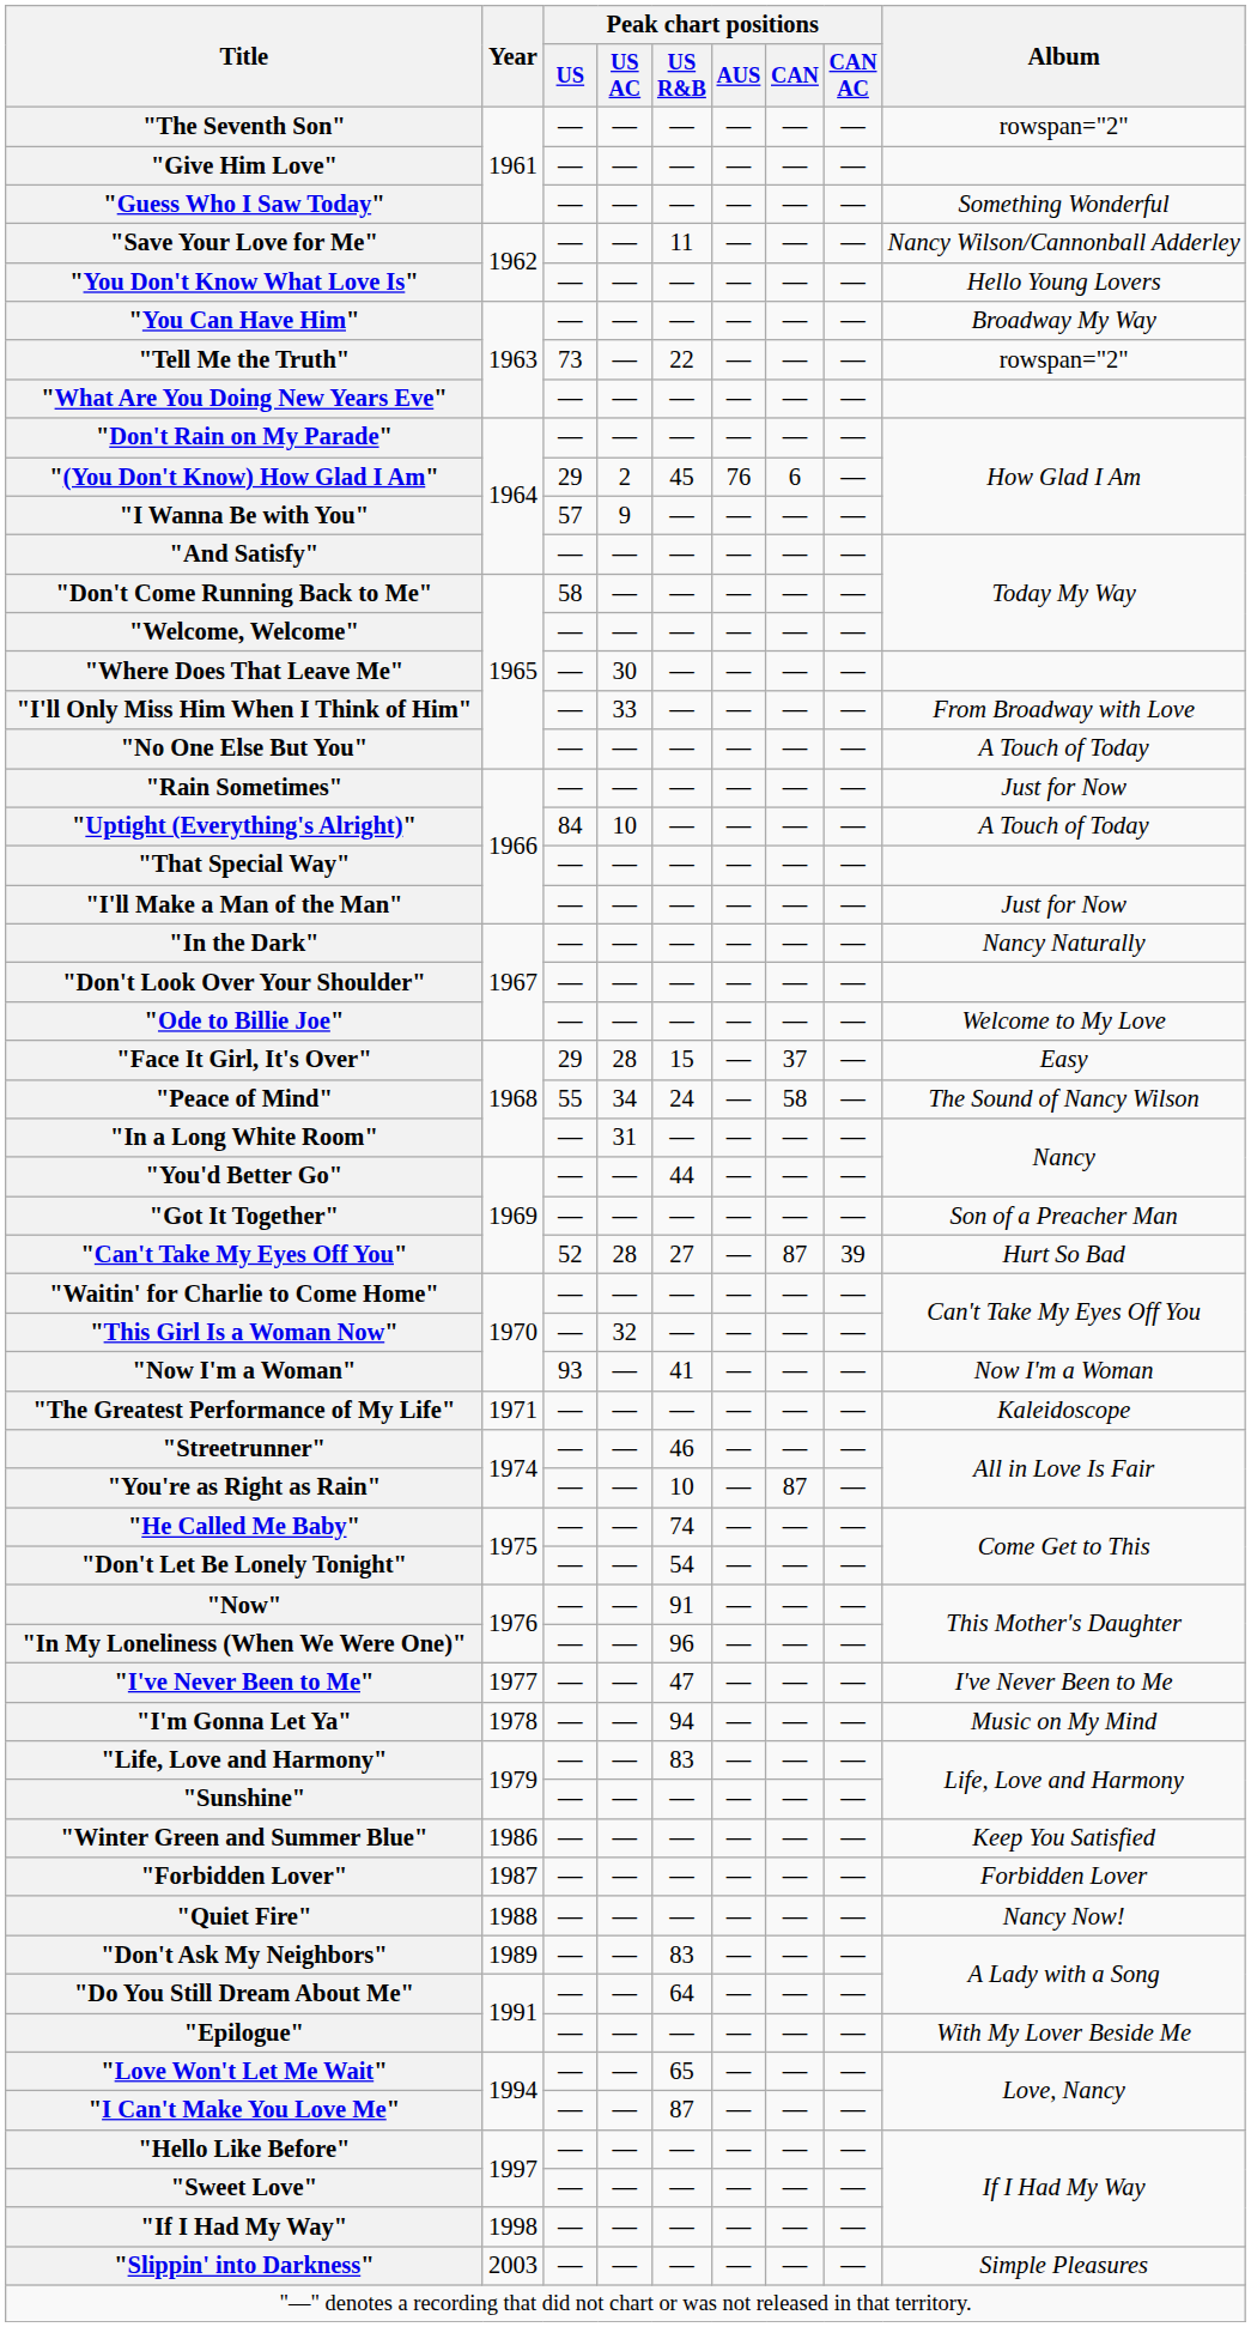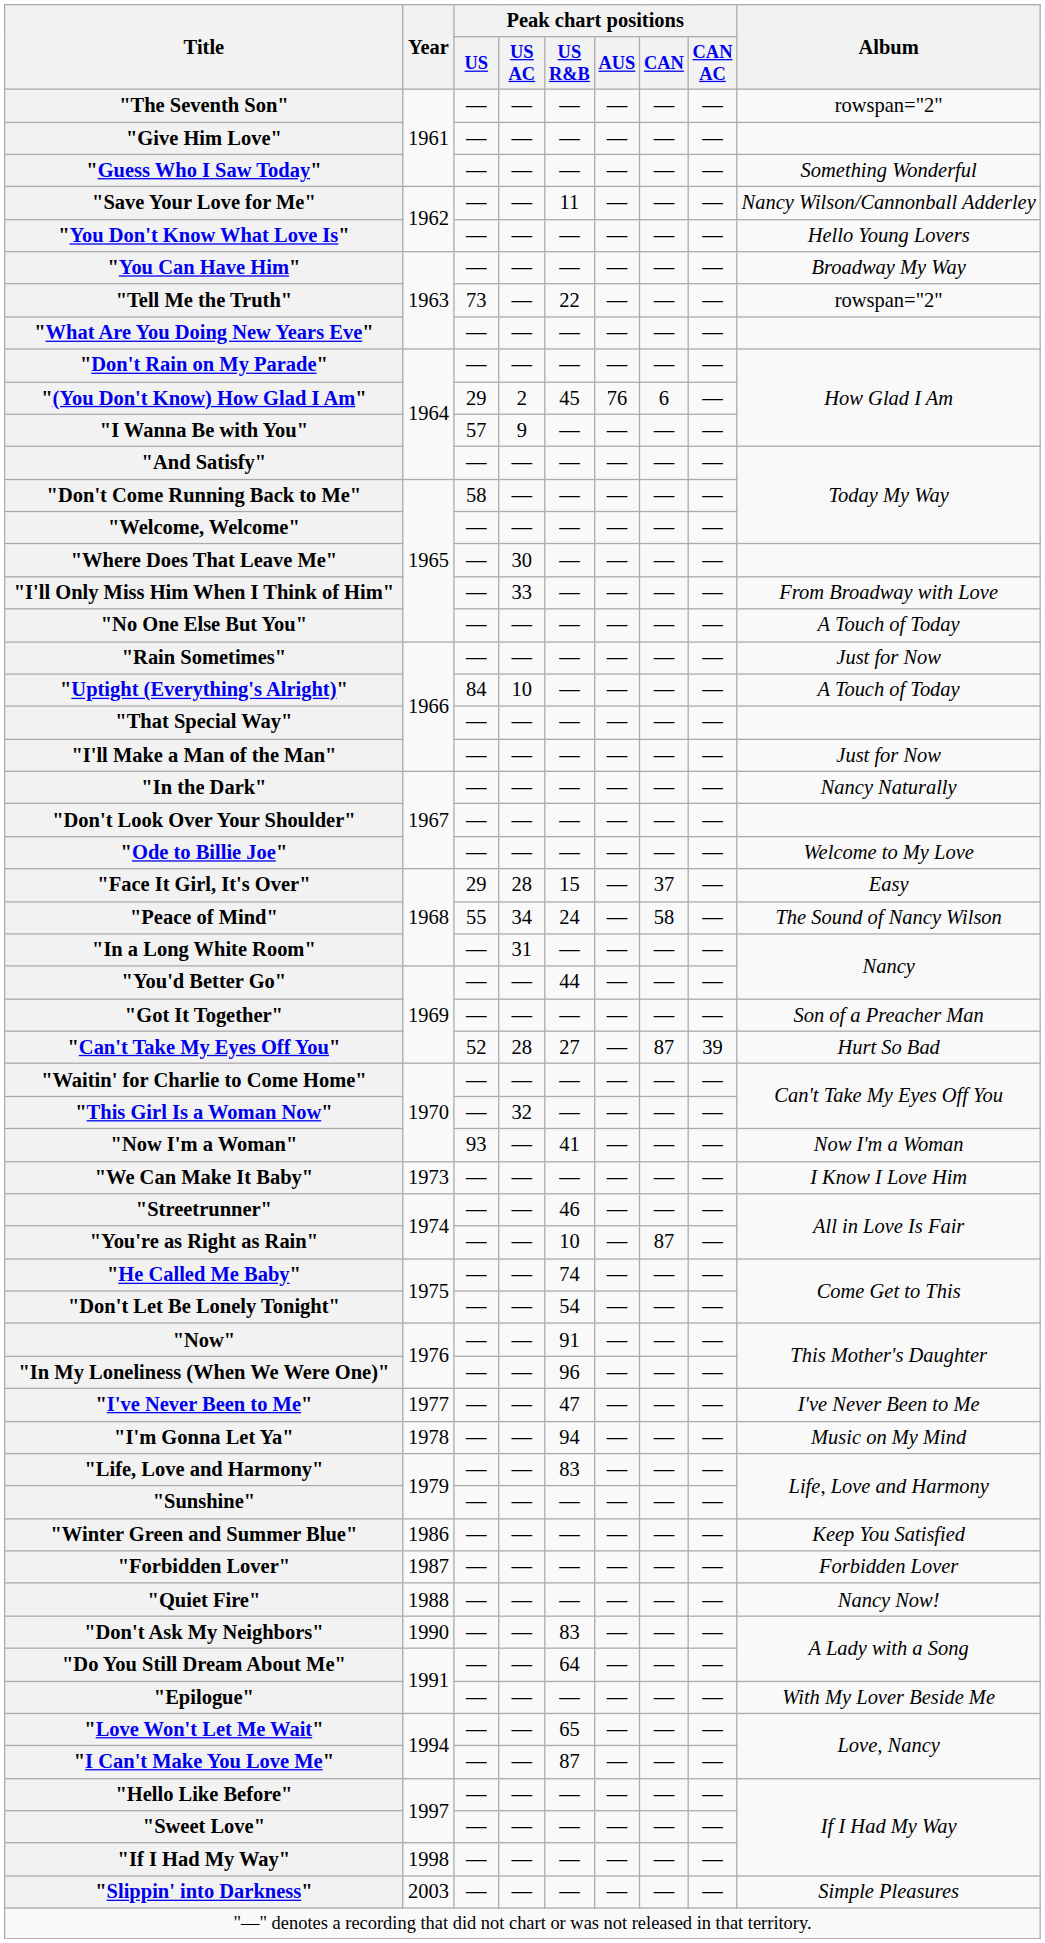 <table class="wikitable plainrowheaders" style="text-align:center;" border="1">
 <tr>
 <th scope="col" rowspan="2" style="width:19em;">Title</th>
 <th scope="col" rowspan="2">Year</th>
 <th scope="col" colspan="6">Peak chart positions</th>
 <th scope="col" rowspan="2">Album</th>
 </tr>
 <tr>
 <th scope="col" style="width:2em;font-size:90%;"><a href='#'>US</a><br></th>
 <th scope="col" style="width:2em;font-size:90%;"><a href='#'>US AC</a><br></th>
 <th scope="col" style="width:2em;font-size:90%;"><a href='#'>US R&B</a><br></th>
 <th scope="col" style="width:2em;font-size:90%;"><a href='#'>AUS</a><br></th>
 <th scope="col" style="width:2em;font-size:90%;"><a href='#'>CAN</a><br></th>
 <th scope="col" style="width:2em;font-size:90%;"><a href='#'>CAN AC</a><br></th>
 </tr>
 <tr>
 <th scope="row">"The Seventh Son"</th>
 <td rowspan="3">1961</td>
 <td>—</td>
 <td>—</td>
 <td>—</td>
 <td>—</td>
 <td>—</td>
 <td>—</td>
 <td>rowspan="2" </td>
 </tr>
 <tr>
 <th scope="row">"Give Him Love"</th>
 <td>—</td>
 <td>—</td>
 <td>—</td>
 <td>—</td>
 <td>—</td>
 <td>—</td>
 </tr>
 <tr>
 <th scope="row">"<a href='#'>Guess Who I Saw Today</a>"</th>
 <td>—</td>
 <td>—</td>
 <td>—</td>
 <td>—</td>
 <td>—</td>
 <td>—</td>
 <td><em>Something Wonderful</em></td>
 </tr>
 <tr>
 <th scope="row">"Save Your Love for Me"<br></th>
 <td rowspan="2">1962</td>
 <td>—</td>
 <td>—</td>
 <td>11</td>
 <td>—</td>
 <td>—</td>
 <td>—</td>
 <td><em>Nancy Wilson/Cannonball Adderley</em></td>
 </tr>
 <tr>
 <th scope="row">"<a href='#'>You Don't Know What Love Is</a>"</th>
 <td>—</td>
 <td>—</td>
 <td>—</td>
 <td>—</td>
 <td>—</td>
 <td>—</td>
 <td><em>Hello Young Lovers</em></td>
 </tr>
 <tr>
 <th scope="row">"<a href='#'>You Can Have Him</a>"</th>
 <td rowspan="3">1963</td>
 <td>—</td>
 <td>—</td>
 <td>—</td>
 <td>—</td>
 <td>—</td>
 <td>—</td>
 <td><em>Broadway My Way</em></td>
 </tr>
 <tr>
 <th scope="row">"Tell Me the Truth"</th>
 <td>73</td>
 <td>—</td>
 <td>22</td>
 <td>—</td>
 <td>—</td>
 <td>—</td>
 <td>rowspan="2" </td>
 </tr>
 <tr>
 <th scope="row">"<a href='#'>What Are You Doing New Years Eve</a>"</th>
 <td>—</td>
 <td>—</td>
 <td>—</td>
 <td>—</td>
 <td>—</td>
 <td>—</td>
 </tr>
 <tr>
 <th scope="row">"<a href='#'>Don't Rain on My Parade</a>"</th>
 <td rowspan="4">1964</td>
 <td>—</td>
 <td>—</td>
 <td>—</td>
 <td>—</td>
 <td>—</td>
 <td>—</td>
 <td rowspan="3"><em>How Glad I Am</em></td>
 </tr>
 <tr>
 <th scope="row">"<a href='#'>(You Don't Know) How Glad I Am</a>"</th>
 <td>29</td>
 <td>2</td>
 <td>45</td>
 <td>76</td>
 <td>6</td>
 <td>—</td>
 </tr>
 <tr>
 <th scope="row">"I Wanna Be with You"</th>
 <td>57</td>
 <td>9</td>
 <td>—</td>
 <td>—</td>
 <td>—</td>
 <td>—</td>
 </tr>
 <tr>
 <th scope="row">"And Satisfy"</th>
 <td>—</td>
 <td>—</td>
 <td>—</td>
 <td>—</td>
 <td>—</td>
 <td>—</td>
 <td rowspan="3"><em>Today My Way</em></td>
 </tr>
 <tr>
 <th scope="row">"Don't Come Running Back to Me"</th>
 <td rowspan="5">1965</td>
 <td>58</td>
 <td>—</td>
 <td>—</td>
 <td>—</td>
 <td>—</td>
 <td>—</td>
 </tr>
 <tr>
 <th scope="row">"Welcome, Welcome"</th>
 <td>—</td>
 <td>—</td>
 <td>—</td>
 <td>—</td>
 <td>—</td>
 <td>—</td>
 </tr>
 <tr>
 <th scope="row">"Where Does That Leave Me"</th>
 <td>—</td>
 <td>30</td>
 <td>—</td>
 <td>—</td>
 <td>—</td>
 <td>—</td>
 <td></td>
 </tr>
 <tr>
 <th scope="row">"I'll Only Miss Him When I Think of Him"</th>
 <td>—</td>
 <td>33</td>
 <td>—</td>
 <td>—</td>
 <td>—</td>
 <td>—</td>
 <td><em>From Broadway with Love</em></td>
 </tr>
 <tr>
 <th scope="row">"No One Else But You"</th>
 <td>—</td>
 <td>—</td>
 <td>—</td>
 <td>—</td>
 <td>—</td>
 <td>—</td>
 <td><em>A Touch of Today</em></td>
 </tr>
 <tr>
 <th scope="row">"Rain Sometimes"</th>
 <td rowspan="4">1966</td>
 <td>—</td>
 <td>—</td>
 <td>—</td>
 <td>—</td>
 <td>—</td>
 <td>—</td>
 <td><em>Just for Now</em></td>
 </tr>
 <tr>
 <th scope="row">"<a href='#'>Uptight (Everything's Alright)</a>"</th>
 <td>84</td>
 <td>10</td>
 <td>—</td>
 <td>—</td>
 <td>—</td>
 <td>—</td>
 <td><em>A Touch of Today</em></td>
 </tr>
 <tr>
 <th scope="row">"That Special Way"</th>
 <td>—</td>
 <td>—</td>
 <td>—</td>
 <td>—</td>
 <td>—</td>
 <td>—</td>
 <td></td>
 </tr>
 <tr>
 <th scope="row">"I'll Make a Man of the Man"</th>
 <td>—</td>
 <td>—</td>
 <td>—</td>
 <td>—</td>
 <td>—</td>
 <td>—</td>
 <td><em>Just for Now</em></td>
 </tr>
 <tr>
 <th scope="row">"In the Dark"</th>
 <td rowspan="3">1967</td>
 <td>—</td>
 <td>—</td>
 <td>—</td>
 <td>—</td>
 <td>—</td>
 <td>—</td>
 <td><em>Nancy Naturally</em></td>
 </tr>
 <tr>
 <th scope="row">"Don't Look Over Your Shoulder"</th>
 <td>—</td>
 <td>—</td>
 <td>—</td>
 <td>—</td>
 <td>—</td>
 <td>—</td>
 <td></td>
 </tr>
 <tr>
 <th scope="row">"<a href='#'>Ode to Billie Joe</a>"</th>
 <td>—</td>
 <td>—</td>
 <td>—</td>
 <td>—</td>
 <td>—</td>
 <td>—</td>
 <td><em>Welcome to My Love</em></td>
 </tr>
 <tr>
 <th scope="row">"Face It Girl, It's Over"</th>
 <td rowspan="3">1968</td>
 <td>29</td>
 <td>28</td>
 <td>15</td>
 <td>—</td>
 <td>37</td>
 <td>—</td>
 <td><em>Easy</em></td>
 </tr>
 <tr>
 <th scope="row">"Peace of Mind"</th>
 <td>55</td>
 <td>34</td>
 <td>24</td>
 <td>—</td>
 <td>58</td>
 <td>—</td>
 <td><em>The Sound of Nancy Wilson</em></td>
 </tr>
 <tr>
 <th scope="row">"In a Long White Room"</th>
 <td>—</td>
 <td>31</td>
 <td>—</td>
 <td>—</td>
 <td>—</td>
 <td>—</td>
 <td rowspan="2"><em>Nancy</em></td>
 </tr>
 <tr>
 <th scope="row">"You'd Better Go"</th>
 <td rowspan="3">1969</td>
 <td>—</td>
 <td>—</td>
 <td>44</td>
 <td>—</td>
 <td>—</td>
 <td>—</td>
 </tr>
 <tr>
 <th scope="row">"Got It Together"</th>
 <td>—</td>
 <td>—</td>
 <td>—</td>
 <td>—</td>
 <td>—</td>
 <td>—</td>
 <td><em>Son of a Preacher Man</em></td>
 </tr>
 <tr>
 <th scope="row">"<a href='#'>Can't Take My Eyes Off You</a>"</th>
 <td>52</td>
 <td>28</td>
 <td>27</td>
 <td>—</td>
 <td>87</td>
 <td>39</td>
 <td><em>Hurt So Bad</em></td>
 </tr>
 <tr>
 <th scope="row">"Waitin' for Charlie to Come Home"</th>
 <td rowspan="3">1970</td>
 <td>—</td>
 <td>—</td>
 <td>—</td>
 <td>—</td>
 <td>—</td>
 <td>—</td>
 <td rowspan="2"><em>Can't Take My Eyes Off You</em></td>
 </tr>
 <tr>
 <th scope="row">"<a href='#'>This Girl Is a Woman Now</a>"</th>
 <td>—</td>
 <td>32</td>
 <td>—</td>
 <td>—</td>
 <td>—</td>
 <td>—</td>
 </tr>
 <tr>
 <th scope="row">"Now I'm a Woman"</th>
 <td>93</td>
 <td>—</td>
 <td>41</td>
 <td>—</td>
 <td>—</td>
 <td>—</td>
 <td><em>Now I'm a Woman</em></td>
 </tr>
 <tr>
-<th scope="row">"The Greatest Performance of My Life"</th>
-<td>1971</td>
+<th scope="row">"We Can Make It Baby"</th>
+<td>1973</td>
 <td>—</td>
 <td>—</td>
 <td>—</td>
 <td>—</td>
 <td>—</td>
 <td>—</td>
-<td><em>Kaleidoscope</em></td>
+<td><em>I Know I Love Him</em></td>
 </tr>
 <tr>
 <th scope="row">"Streetrunner"</th>
 <td rowspan="2">1974</td>
 <td>—</td>
 <td>—</td>
 <td>46</td>
 <td>—</td>
 <td>—</td>
 <td>—</td>
 <td rowspan="2"><em>All in Love Is Fair</em></td>
 </tr>
 <tr>
 <th scope="row">"You're as Right as Rain"</th>
 <td>—</td>
 <td>—</td>
 <td>10</td>
 <td>—</td>
 <td>87</td>
 <td>—</td>
 </tr>
 <tr>
 <th scope="row">"<a href='#'>He Called Me Baby</a>"</th>
 <td rowspan="2">1975</td>
 <td>—</td>
 <td>—</td>
 <td>74</td>
 <td>—</td>
 <td>—</td>
 <td>—</td>
 <td rowspan="2"><em>Come Get to This</em></td>
 </tr>
 <tr>
 <th scope="row">"Don't Let Be Lonely Tonight"</th>
 <td>—</td>
 <td>—</td>
 <td>54</td>
 <td>—</td>
 <td>—</td>
 <td>—</td>
 </tr>
 <tr>
 <th scope="row">"Now"</th>
 <td rowspan="2">1976</td>
 <td>—</td>
 <td>—</td>
 <td>91</td>
 <td>—</td>
 <td>—</td>
 <td>—</td>
 <td rowspan="2"><em>This Mother's Daughter</em></td>
 </tr>
 <tr>
 <th scope="row">"In My Loneliness (When We Were One)"</th>
 <td>—</td>
 <td>—</td>
 <td>96</td>
 <td>—</td>
 <td>—</td>
 <td>—</td>
 </tr>
 <tr>
 <th scope="row">"<a href='#'>I've Never Been to Me</a>"</th>
 <td>1977</td>
 <td>—</td>
 <td>—</td>
 <td>47</td>
 <td>—</td>
 <td>—</td>
 <td>—</td>
 <td><em>I've Never Been to Me</em></td>
 </tr>
 <tr>
 <th scope="row">"I'm Gonna Let Ya"</th>
 <td>1978</td>
 <td>—</td>
 <td>—</td>
 <td>94</td>
 <td>—</td>
 <td>—</td>
 <td>—</td>
 <td><em>Music on My Mind</em></td>
 </tr>
 <tr>
 <th scope="row">"Life, Love and Harmony"</th>
 <td rowspan="2">1979</td>
 <td>—</td>
 <td>—</td>
 <td>83</td>
 <td>—</td>
 <td>—</td>
 <td>—</td>
 <td rowspan="2"><em>Life, Love and Harmony</em></td>
 </tr>
 <tr>
 <th scope="row">"Sunshine"</th>
 <td>—</td>
 <td>—</td>
 <td>—</td>
 <td>—</td>
 <td>—</td>
 <td>—</td>
 </tr>
 <tr>
 <th scope="row">"Winter Green and Summer Blue"</th>
 <td>1986</td>
 <td>—</td>
 <td>—</td>
 <td>—</td>
 <td>—</td>
 <td>—</td>
 <td>—</td>
 <td><em>Keep You Satisfied</em></td>
 </tr>
 <tr>
 <th scope="row">"Forbidden Lover"<br></th>
 <td>1987</td>
 <td>—</td>
 <td>—</td>
 <td>—</td>
 <td>—</td>
 <td>—</td>
 <td>—</td>
 <td><em>Forbidden Lover</em></td>
 </tr>
 <tr>
 <th scope="row">"Quiet Fire"</th>
 <td>1988</td>
 <td>—</td>
 <td>—</td>
 <td>—</td>
 <td>—</td>
 <td>—</td>
 <td>—</td>
 <td><em>Nancy Now!</em></td>
 </tr>
 <tr>
 <th scope="row">"Don't Ask My Neighbors"</th>
-<td>1989</td>
+<td>1990</td>
 <td>—</td>
 <td>—</td>
 <td>83</td>
 <td>—</td>
 <td>—</td>
 <td>—</td>
 <td rowspan="2"><em>A Lady with a Song</em></td>
 </tr>
 <tr>
 <th scope="row">"Do You Still Dream About Me"</th>
 <td rowspan="2">1991</td>
 <td>—</td>
 <td>—</td>
 <td>64</td>
 <td>—</td>
 <td>—</td>
 <td>—</td>
 </tr>
 <tr>
 <th scope="row">"Epilogue"<br></th>
 <td>—</td>
 <td>—</td>
 <td>—</td>
 <td>—</td>
 <td>—</td>
 <td>—</td>
 <td><em>With My Lover Beside Me</em></td>
 </tr>
 <tr>
 <th scope="row">"<a href='#'>Love Won't Let Me Wait</a>"</th>
 <td rowspan="2">1994</td>
 <td>—</td>
 <td>—</td>
 <td>65</td>
 <td>—</td>
 <td>—</td>
 <td>—</td>
 <td rowspan="2"><em>Love, Nancy</em></td>
 </tr>
 <tr>
 <th scope="row">"<a href='#'>I Can't Make You Love Me</a>"</th>
 <td>—</td>
 <td>—</td>
 <td>87</td>
 <td>—</td>
 <td>—</td>
 <td>—</td>
 </tr>
 <tr>
 <th scope="row">"Hello Like Before"</th>
 <td rowspan="2">1997</td>
 <td>—</td>
 <td>—</td>
 <td>—</td>
 <td>—</td>
 <td>—</td>
 <td>—</td>
 <td rowspan="3"><em>If I Had My Way</em></td>
 </tr>
 <tr>
 <th scope="row">"Sweet Love"</th>
 <td>—</td>
 <td>—</td>
 <td>—</td>
 <td>—</td>
 <td>—</td>
 <td>—</td>
 </tr>
 <tr>
 <th scope="row">"If I Had My Way"</th>
 <td>1998</td>
 <td>—</td>
 <td>—</td>
 <td>—</td>
 <td>—</td>
 <td>—</td>
 <td>—</td>
 </tr>
 <tr>
 <th scope="row">"<a href='#'>Slippin' into Darkness</a>"<br></th>
 <td>2003</td>
 <td>—</td>
 <td>—</td>
 <td>—</td>
 <td>—</td>
 <td>—</td>
 <td>—</td>
 <td><em>Simple Pleasures</em></td>
 </tr>
 <tr>
 <td colspan="9" style="font-size:90%">"—" denotes a recording that did not chart or was not released in that territory.</td>
 </tr>
 </table>
